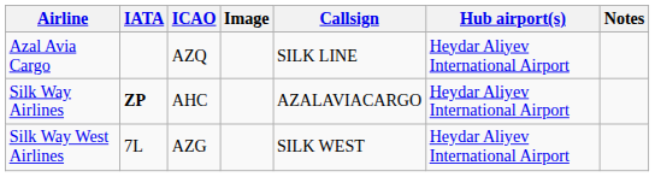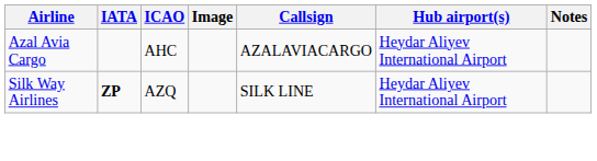 <table class="wikitable sortable" style="border: 0; cellpadding: 2; cellspacing: 3;">
 <tr valign="middle">
 <th><a href='#'>Airline</a></th>
 <th><a href='#'>IATA</a></th>
 <th><a href='#'>ICAO</a></th>
 <th>Image</th>
 <th><a href='#'>Callsign</a></th>
 <th><a href='#'>Hub airport(s)</a></th>
 <th class="unsortable">Notes</th>
 </tr>
 <tr>
 <td><a href='#'>Azal Avia Cargo</a></td>
 <td></td>
-<td>AZQ</td>
-<td></td>
-<td>SILK LINE</td>
-<td><a href='#'>Heydar Aliyev International Airport</a></td>
-<td></td>
-</tr>
-<tr>
-<td><a href='#'>Silk Way Airlines</a></td>
-<td><strong>ZP</strong></td>
 <td>AHC</td>
 <td></td>
 <td>AZALAVIACARGO</td>
 <td><a href='#'>Heydar Aliyev International Airport</a></td>
 <td></td>
 </tr>
 <tr>
-<td><a href='#'>Silk Way West Airlines</a></td>
-<td>7L</td>
-<td>AZG</td>
+<td><a href='#'>Silk Way Airlines</a></td>
+<td><strong>ZP</strong></td>
+<td>AZQ</td>
 <td></td>
-<td>SILK WEST</td>
+<td>SILK LINE</td>
 <td><a href='#'>Heydar Aliyev International Airport</a></td>
 <td></td>
 </tr>
 </table>
